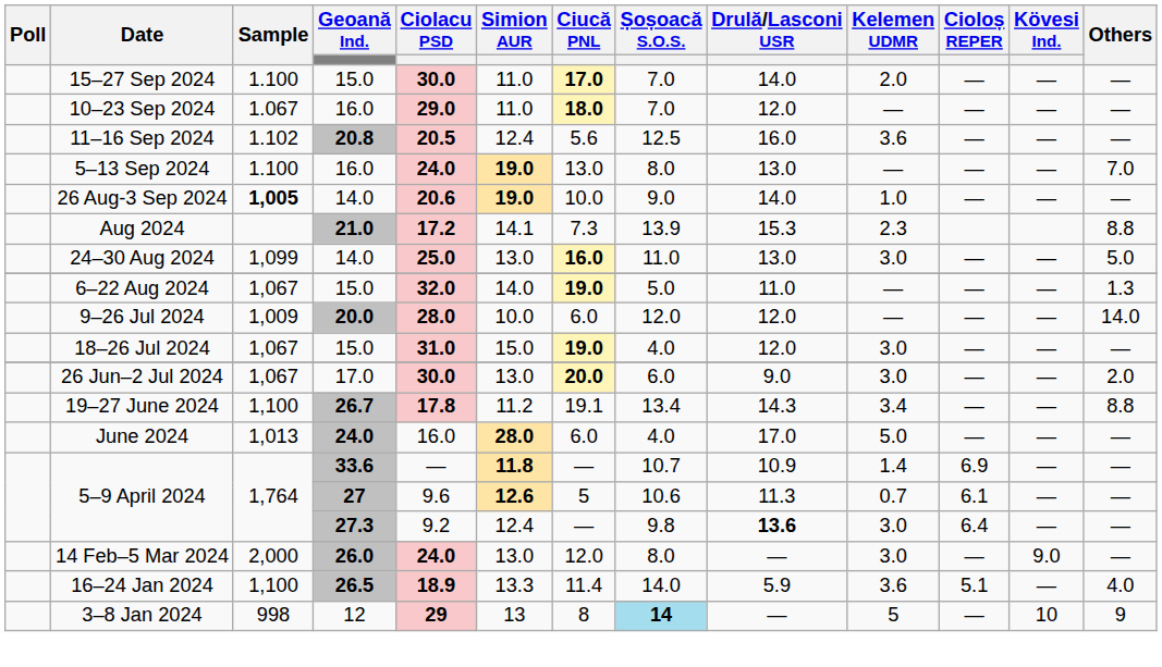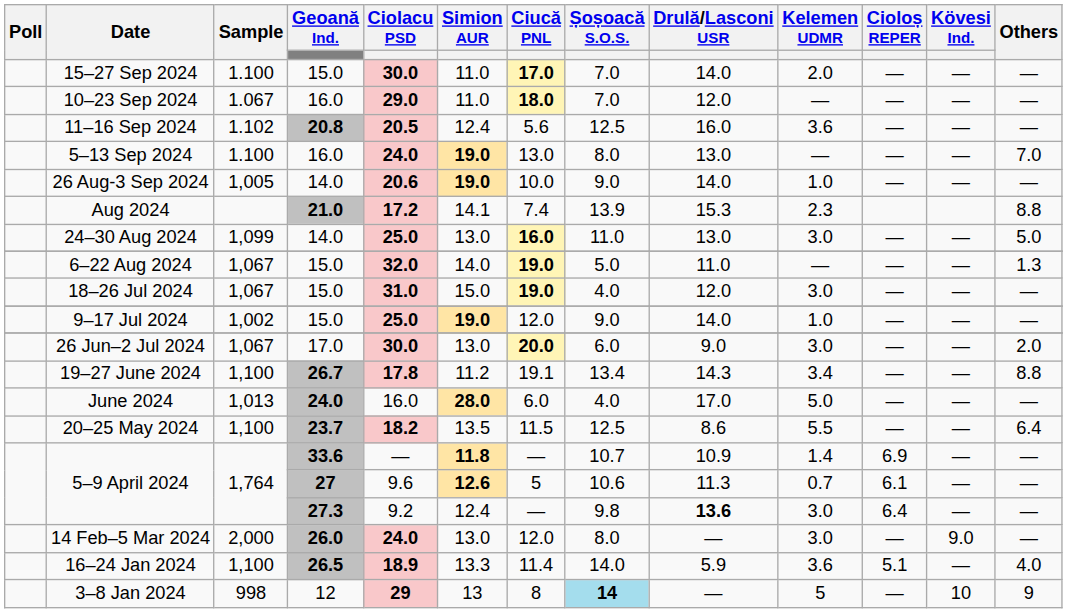 <table class="wikitable" style="text-align:center;font-size:85%;line-height:14px;">
 <tr>
 <th rowspan="2">Poll</th>
 <th rowspan="2">Date</th>
 <th rowspan="2" style="width:35px;">Sample</th>
 <th class="unsortable" style="width:20px;"><a href='#'>Geoană</a><br><small><a href='#'>Ind.</a></small></th>
 <th class="unsortable" style="width:20px;"><a href='#'>Ciolacu</a><br><small><a href='#'>PSD</a></small></th>
 <th class="unsortable" style="width:20px;"><a href='#'>Simion</a><br><small><a href='#'>AUR</a></small></th>
 <th class="unsortable" style="width:20px;"><a href='#'>Ciucă</a><br><small><a href='#'>PNL</a></small></th>
 <th class="unsortable" style="width:20px;"><a href='#'>Șoșoacă</a><br><small><a href='#'>S.O.S.</a></small></th>
 <th class="unsortable" style="width:20px;"><a href='#'>Drulă</a>/<a href='#'>Lasconi</a><br><small><a href='#'>USR</a></small></th>
 <th class="unsortable" style="width:20px;"><a href='#'>Kelemen</a><br><small><a href='#'>UDMR</a></small></th>
 <th class="unsortable" style="width:20px;"><a href='#'>Cioloș</a><br><small><a href='#'>REPER</a></small></th>
 <th class="unsortable" style="width:20px;"><a href='#'>Kövesi</a><br><small><a href='#'>Ind.</a></small></th>
 <th rowspan="2"><strong>Others</strong></th>
 </tr>
 <tr>
 <th style="background:#808080; "></th>
 <th style="background:"></th>
 <th style="background:"></th>
 <th style="background:"></th>
 <th style="background:"></th>
 <th style="background:"></th>
 <th style="background:"></th>
 <th style="background:"></th>
 <th style="background:"></th>
 </tr>
 <tr>
 <td></td>
 <td>15–27 Sep 2024</td>
 <td>1.100</td>
 <td>15.0</td>
 <td style="background:#F9C8CA;"><strong>30.0</strong></td>
 <td>11.0</td>
 <td style="background:#FFF5B6;"><strong>17.0</strong></td>
 <td>7.0</td>
 <td>14.0</td>
 <td>2.0</td>
 <td>—</td>
 <td>—</td>
 <td>—</td>
 </tr>
 <tr>
 <td></td>
 <td>10–23 Sep 2024</td>
 <td>1.067</td>
 <td>16.0</td>
 <td style="background:#F9C8CA;"><strong>29.0</strong></td>
 <td>11.0</td>
 <td style="background:#FFF5B6;"><strong>18.0</strong></td>
 <td>7.0</td>
 <td>12.0</td>
 <td>—</td>
 <td>—</td>
 <td>—</td>
 <td>—</td>
 </tr>
 <tr>
 <td></td>
 <td>11–16 Sep 2024</td>
 <td>1.102</td>
 <td style="background:#C0C0C0"><strong>20.8</strong></td>
 <td style="background:#F9C8CA;"><strong>20.5</strong></td>
 <td>12.4</td>
 <td>5.6</td>
 <td>12.5</td>
 <td>16.0</td>
 <td>3.6</td>
 <td>—</td>
 <td>—</td>
 <td>—</td>
 </tr>
 <tr>
 <td></td>
 <td>5–13 Sep 2024</td>
 <td>1.100</td>
 <td>16.0</td>
 <td style="background:#F9C8CA;"><strong>24.0</strong></td>
 <td style="background:#FFE5A5;"><strong>19.0</strong></td>
 <td>13.0</td>
 <td>8.0</td>
 <td>13.0</td>
 <td>—</td>
 <td>—</td>
 <td>—</td>
 <td>7.0</td>
 </tr>
 <tr>
 <td></td>
 <td>26 Aug-3 Sep 2024</td>
-<td><strong>1,005</strong></td>
+<td>1,005</td>
 <td>14.0</td>
 <td style="background:#F9C8CA"><strong>20.6</strong></td>
 <td style="background:#FFE5A5;"><strong>19.0</strong></td>
 <td>10.0</td>
 <td>9.0</td>
 <td>14.0</td>
 <td>1.0</td>
 <td>—</td>
 <td>—</td>
 <td>—</td>
 </tr>
 <tr>
 <td></td>
 <td>Aug 2024</td>
 <td></td>
 <td style="background:#C0C0C0"><strong>21.0</strong></td>
 <td style="background:#F9C8CA;"><strong>17.2</strong></td>
 <td>14.1</td>
-<td>7.3</td>
+<td>7.4</td>
 <td>13.9</td>
 <td>15.3</td>
 <td>2.3</td>
 <td></td>
 <td></td>
 <td>8.8</td>
 </tr>
 <tr>
 <td></td>
 <td>24–30 Aug 2024</td>
 <td>1,099</td>
 <td>14.0</td>
 <td style="background:#F9C8CA"><strong>25.0</strong></td>
 <td>13.0</td>
 <td style="background:#FFF5B6;"><strong>16.0</strong></td>
 <td>11.0</td>
 <td>13.0</td>
 <td>3.0</td>
 <td>—</td>
 <td>—</td>
 <td>5.0</td>
 </tr>
 <tr>
 </tr>
 <tr>
 <td></td>
 <td>6–22 Aug 2024</td>
 <td>1,067</td>
 <td>15.0</td>
 <td style="background:#F9C8CA"><strong>32.0</strong></td>
 <td>14.0</td>
 <td style="background:#FFF5B6;"><strong>19.0</strong></td>
 <td>5.0</td>
 <td>11.0</td>
 <td>—</td>
 <td>—</td>
 <td>—</td>
 <td>1.3</td>
 </tr>
 <tr>
 <td></td>
-<td>9–26 Jul 2024</td>
-<td>1,009</td>
-<td style="background:#C0C0C0"><strong>20.0</strong></td>
-<td style="background:#F9C8CA"><strong>28.0</strong></td>
-<td>10.0</td>
-<td>6.0</td>
-<td>12.0</td>
-<td>12.0</td>
-<td>—</td>
-<td>—</td>
-<td>—</td>
-<td>14.0</td>
-</tr>
-<tr>
-<td></td>
 <td>18–26 Jul 2024</td>
 <td>1,067</td>
 <td>15.0</td>
 <td style="background:#F9C8CA"><strong>31.0</strong></td>
 <td>15.0</td>
 <td style="background:#FFF5B6;"><strong>19.0</strong></td>
 <td>4.0</td>
 <td>12.0</td>
 <td>3.0</td>
 <td>—</td>
 <td>—</td>
 <td>—</td>
 </tr>
 <tr>
+</tr>
+<tr>
+<td></td>
+<td>9–17 Jul 2024</td>
+<td>1,002</td>
+<td>15.0</td>
+<td style="background:#F9C8CA"><strong>25.0</strong></td>
+<td style="background:#FFE5A5;"><strong>19.0</strong></td>
+<td>12.0</td>
+<td>9.0</td>
+<td>14.0</td>
+<td>1.0</td>
+<td>—</td>
+<td>—</td>
+<td>—</td>
 </tr>
 <tr>
 </tr>
 <tr>
 <td></td>
 <td>26 Jun–2 Jul 2024</td>
 <td>1,067</td>
 <td>17.0</td>
 <td style="background:#F9C8CA"><strong>30.0</strong></td>
 <td>13.0</td>
 <td style="background:#FFF5B6;"><strong>20.0</strong></td>
 <td>6.0</td>
 <td>9.0</td>
 <td>3.0</td>
 <td>—</td>
 <td>—</td>
 <td>2.0</td>
 </tr>
 <tr>
 <td></td>
 <td>19–27 June 2024</td>
 <td>1,100</td>
 <td style="background:#C0C0C0"><strong>26.7</strong></td>
 <td style="background:#F9C8CA;"><strong>17.8</strong></td>
 <td>11.2</td>
 <td>19.1</td>
 <td>13.4</td>
 <td>14.3</td>
 <td>3.4</td>
 <td>—</td>
 <td>—</td>
 <td>8.8</td>
 </tr>
 <tr>
 <td></td>
 <td>June 2024</td>
 <td>1,013</td>
 <td style="background:#C0C0C0"><strong>24.0</strong></td>
 <td>16.0</td>
 <td style="background:#FFE5A5;"><strong>28.0</strong></td>
 <td>6.0</td>
 <td>4.0</td>
 <td>17.0</td>
 <td>5.0</td>
 <td>—</td>
 <td>—</td>
 <td>—</td>
+</tr>
+<tr>
+<td></td>
+<td>20–25 May 2024</td>
+<td>1,100</td>
+<td style="background:#C0C0C0"><strong>23.7</strong></td>
+<td style="background:#F9C8CA;"><strong>18.2</strong></td>
+<td>13.5</td>
+<td>11.5</td>
+<td>12.5</td>
+<td>8.6</td>
+<td>5.5</td>
+<td>—</td>
+<td>—</td>
+<td>6.4</td>
 </tr>
 <tr>
 <td rowspan=3></td>
 <td rowspan=3>5–9 April 2024</td>
 <td rowspan=3>1,764</td>
 <td style="background:#C0C0C0"><strong>33.6</strong></td>
 <td>—</td>
 <td style="background:#FFE5A5;"><strong>11.8</strong></td>
 <td>—</td>
 <td>10.7</td>
 <td>10.9</td>
 <td>1.4</td>
 <td>6.9</td>
 <td>—</td>
 <td>—</td>
 </tr>
 <tr>
 <td style="background:#C0C0C0"><strong>27</strong></td>
 <td>9.6</td>
 <td style="background:#FFE5A5;"><strong>12.6</strong></td>
 <td>5</td>
 <td>10.6</td>
 <td>11.3</td>
 <td>0.7</td>
 <td>6.1</td>
 <td>—</td>
 <td>—</td>
 </tr>
 <tr>
 <td style="background:#C0C0C0"><strong>27.3</strong></td>
 <td>9.2</td>
 <td>12.4</td>
 <td>—</td>
 <td>9.8</td>
 <td><strong>13.6</strong></td>
 <td>3.0</td>
 <td>6.4</td>
 <td>—</td>
 <td>—</td>
 </tr>
 <tr>
 <td></td>
 <td>14 Feb–5 Mar 2024</td>
 <td>2,000</td>
 <td style="background:#C0C0C0"><strong>26.0</strong></td>
 <td style="background:#F9C8CA;"><strong>24.0</strong></td>
 <td>13.0</td>
 <td>12.0</td>
 <td>8.0</td>
 <td>—</td>
 <td>3.0</td>
 <td>—</td>
 <td>9.0</td>
 <td>—</td>
 </tr>
 <tr>
 <td></td>
 <td>16–24 Jan 2024</td>
 <td>1,100</td>
 <td style="background:#C0C0C0"><strong>26.5</strong></td>
 <td style="background:#F9C8CA;"><strong>18.9</strong></td>
 <td>13.3</td>
 <td>11.4</td>
 <td>14.0</td>
 <td>5.9</td>
 <td>3.6</td>
 <td>5.1</td>
 <td>—</td>
 <td>4.0</td>
 </tr>
 <tr>
 <td></td>
 <td>3–8 Jan 2024</td>
 <td>998</td>
 <td>12</td>
 <td style="background:#F9C8CA"><strong>29</strong></td>
 <td>13</td>
 <td>8</td>
 <td style="background:#A4DDED"><strong>14</strong></td>
 <td>—</td>
 <td>5</td>
 <td>—</td>
 <td>10</td>
 <td>9</td>
 </tr>
 </table>
